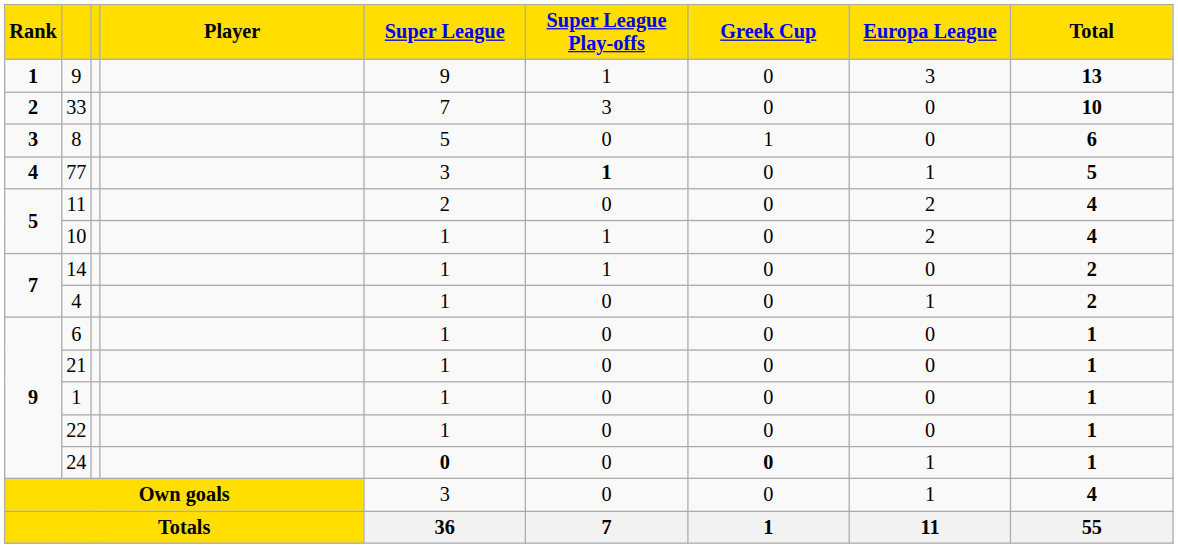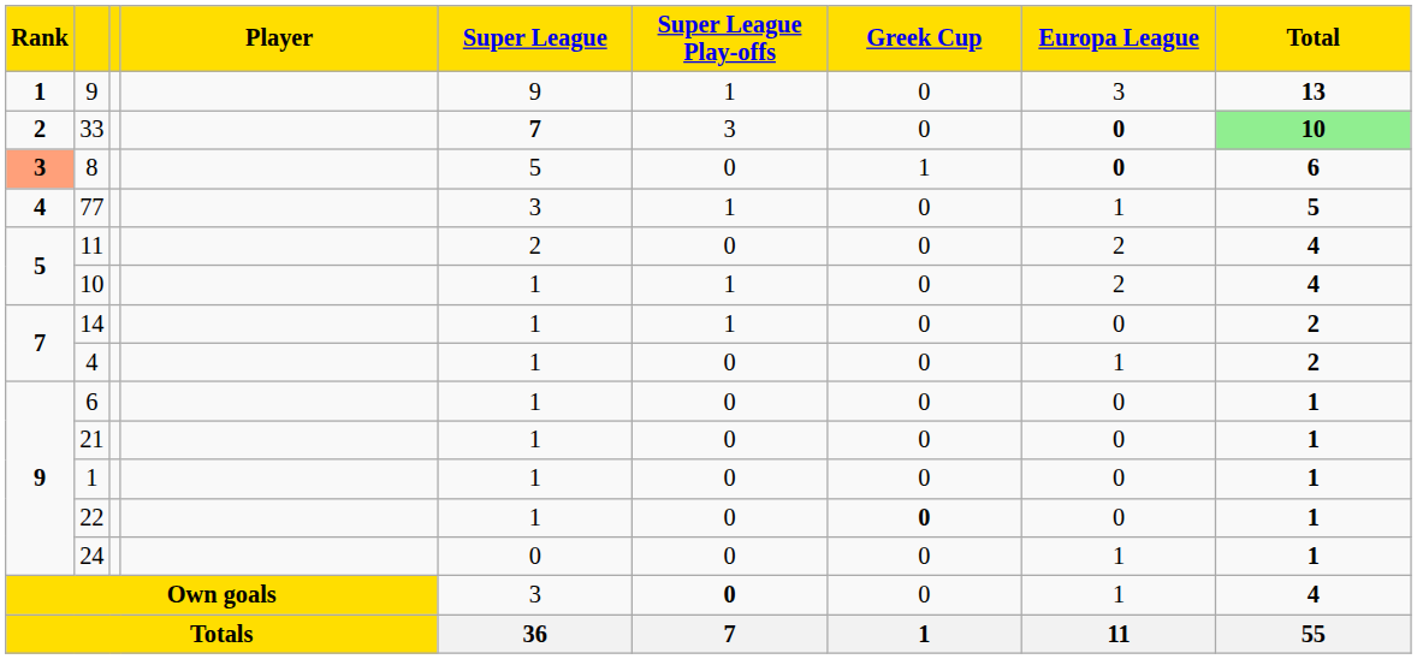 <table class="wikitable sortable" style="text-align: center">
 <tr>
 <th style="background:#FFDE00">Rank</th>
 <th style="background:#FFDE00"></th>
 <th style="background:#FFDE00"></th>
 <th width=200 style="background:#FFDE00">Player</th>
 <th width=120 style="background:#FFDE00"><a href='#'>Super League</a></th>
 <th width=120 style="background:#FFDE00"><a href='#'>Super League Play-offs</a></th>
 <th width=120 style="background:#FFDE00"><a href='#'>Greek Cup</a></th>
 <th width=120 style="background:#FFDE00"><a href='#'>Europa League</a></th>
 <th width=120 style="background:#FFDE00">Total</th>
 </tr>
 <tr>
 <td><strong>1</strong></td>
 <td>9</td>
 <td></td>
 <td align=left></td>
 <td>9</td>
 <td>1</td>
 <td>0</td>
 <td>3</td>
 <td><strong>13</strong></td>
 </tr>
 <tr>
 <td><strong>2</strong></td>
 <td>33</td>
 <td></td>
 <td align=left></td>
-<td>7</td>
+<td><strong>7</strong></td>
 <td>3</td>
 <td>0</td>
-<td>0</td>
-<td><strong>10</strong></td>
+<td><strong>0</strong></td>
+<td style="background: lightgreen;"><strong>10</strong></td>
 </tr>
 <tr>
-<td><strong>3</strong></td>
+<td style="background: lightsalmon;"><strong>3</strong></td>
 <td>8</td>
 <td></td>
 <td align=left></td>
 <td>5</td>
 <td>0</td>
 <td>1</td>
-<td>0</td>
+<td><strong>0</strong></td>
 <td><strong>6</strong></td>
 </tr>
 <tr>
 <td><strong>4</strong></td>
 <td>77</td>
 <td></td>
 <td align=left></td>
 <td>3</td>
-<td><strong>1</strong></td>
+<td>1</td>
 <td>0</td>
 <td>1</td>
 <td><strong>5</strong></td>
 </tr>
 <tr>
 <td rowspan=2><strong>5</strong></td>
 <td>11</td>
 <td></td>
 <td align=left></td>
 <td>2</td>
 <td>0</td>
 <td>0</td>
 <td>2</td>
 <td><strong>4</strong></td>
 </tr>
 <tr>
 <td>10</td>
 <td></td>
 <td align=left></td>
 <td>1</td>
 <td>1</td>
 <td>0</td>
 <td>2</td>
 <td><strong>4</strong></td>
 </tr>
 <tr>
 <td rowspan=2><strong>7</strong></td>
 <td>14</td>
 <td></td>
 <td align=left></td>
 <td>1</td>
 <td>1</td>
 <td>0</td>
 <td>0</td>
 <td><strong>2</strong></td>
 </tr>
 <tr>
 <td>4</td>
 <td></td>
 <td align=left></td>
 <td>1</td>
 <td>0</td>
 <td>0</td>
 <td>1</td>
 <td><strong>2</strong></td>
 </tr>
 <tr>
 <td rowspan=5><strong>9</strong></td>
 <td>6</td>
 <td></td>
 <td align=left></td>
 <td>1</td>
 <td>0</td>
 <td>0</td>
 <td>0</td>
 <td><strong>1</strong></td>
 </tr>
 <tr>
 <td>21</td>
 <td></td>
 <td align=left></td>
 <td>1</td>
 <td>0</td>
 <td>0</td>
 <td>0</td>
 <td><strong>1</strong></td>
 </tr>
 <tr>
 <td>1</td>
 <td></td>
 <td align=left></td>
 <td>1</td>
 <td>0</td>
 <td>0</td>
 <td>0</td>
 <td><strong>1</strong></td>
 </tr>
 <tr>
 <td>22</td>
 <td></td>
 <td align=left></td>
 <td>1</td>
 <td>0</td>
-<td>0</td>
+<td><strong>0</strong></td>
 <td>0</td>
 <td><strong>1</strong></td>
 </tr>
 <tr>
 <td>24</td>
 <td></td>
 <td align=left></td>
-<td><strong>0</strong></td>
 <td>0</td>
-<td><strong>0</strong></td>
+<td>0</td>
+<td>0</td>
 <td>1</td>
 <td><strong>1</strong></td>
 </tr>
 <tr class="sortbottom">
 <td colspan=4 style="background:#FFDE00"><strong>Own goals</strong></td>
 <td>3</td>
-<td>0</td>
+<td><strong>0</strong></td>
 <td>0</td>
 <td>1</td>
 <td><strong>4</strong></td>
 </tr>
 <tr class="sortbottom">
 <th colspan=4 style="background:#FFDE00"><strong>Totals</strong></th>
 <th><strong>36</strong></th>
 <th><strong> 7</strong></th>
 <th><strong> 1</strong></th>
 <th><strong>11</strong></th>
 <th><strong>55</strong></th>
 </tr>
 </table>
